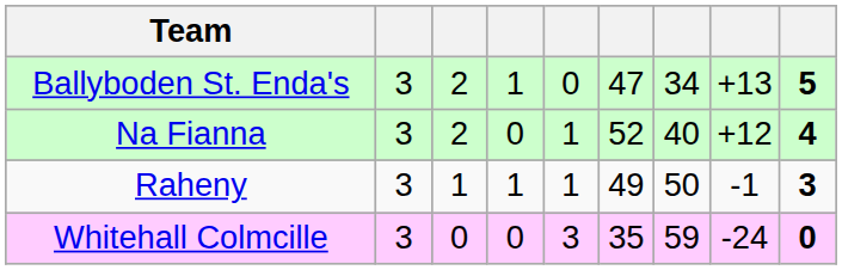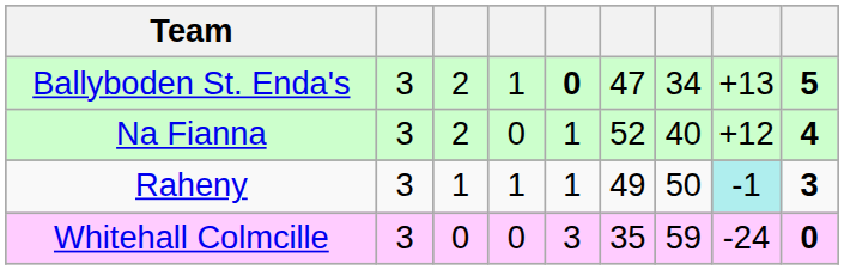 <table class="wikitable" style="text-align:center">
 <tr>
 <th style="width:175px;">Team</th>
 <th width="20"></th>
 <th width="20"></th>
 <th width="20"></th>
 <th width="20"></th>
 <th width="20"></th>
 <th width="20"></th>
 <th width="20"></th>
 <th width="20"></th>
 </tr>
 <tr style="background:#cfc;">
 <td><a href='#'>Ballyboden St. Enda's</a></td>
 <td>3</td>
 <td>2</td>
 <td>1</td>
-<td>0</td>
+<td><strong>0</strong></td>
 <td>47</td>
 <td>34</td>
 <td>+13</td>
 <td><strong>5</strong></td>
 </tr>
 <tr style="background:#cfc;">
 <td><a href='#'>Na Fianna</a></td>
 <td>3</td>
 <td>2</td>
 <td>0</td>
 <td>1</td>
 <td>52</td>
 <td>40</td>
 <td>+12</td>
 <td><strong>4</strong></td>
 </tr>
 <tr>
 <td><a href='#'>Raheny</a></td>
 <td>3</td>
 <td>1</td>
 <td>1</td>
 <td>1</td>
 <td>49</td>
 <td>50</td>
-<td>-1</td>
+<td style="background: paleturquoise;">-1</td>
 <td><strong>3</strong></td>
 </tr>
 <tr style="background:#fcf;">
 <td><a href='#'>Whitehall Colmcille</a></td>
 <td>3</td>
 <td>0</td>
 <td>0</td>
 <td>3</td>
 <td>35</td>
 <td>59</td>
 <td>-24</td>
 <td><strong>0</strong></td>
 </tr>
 </table>
